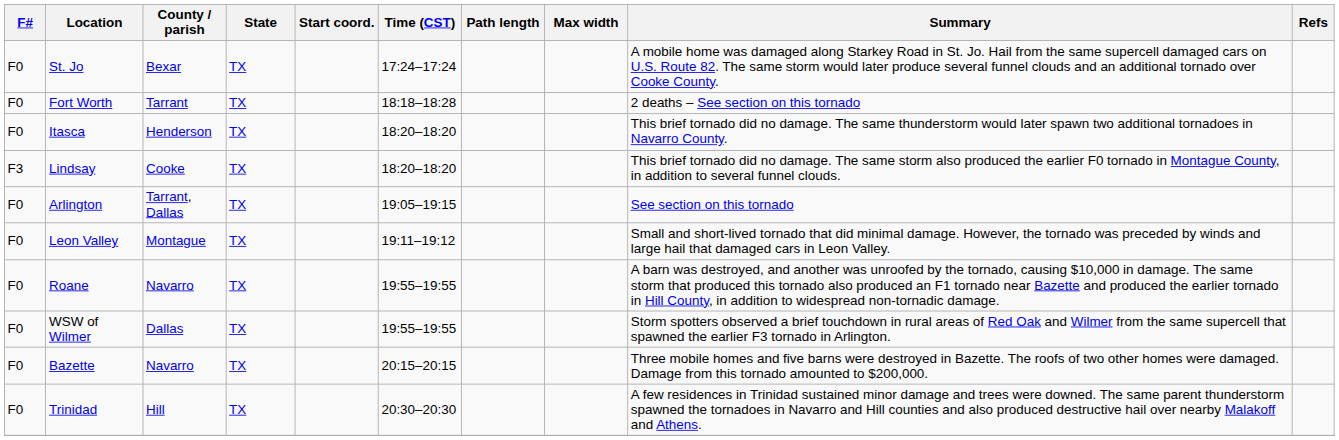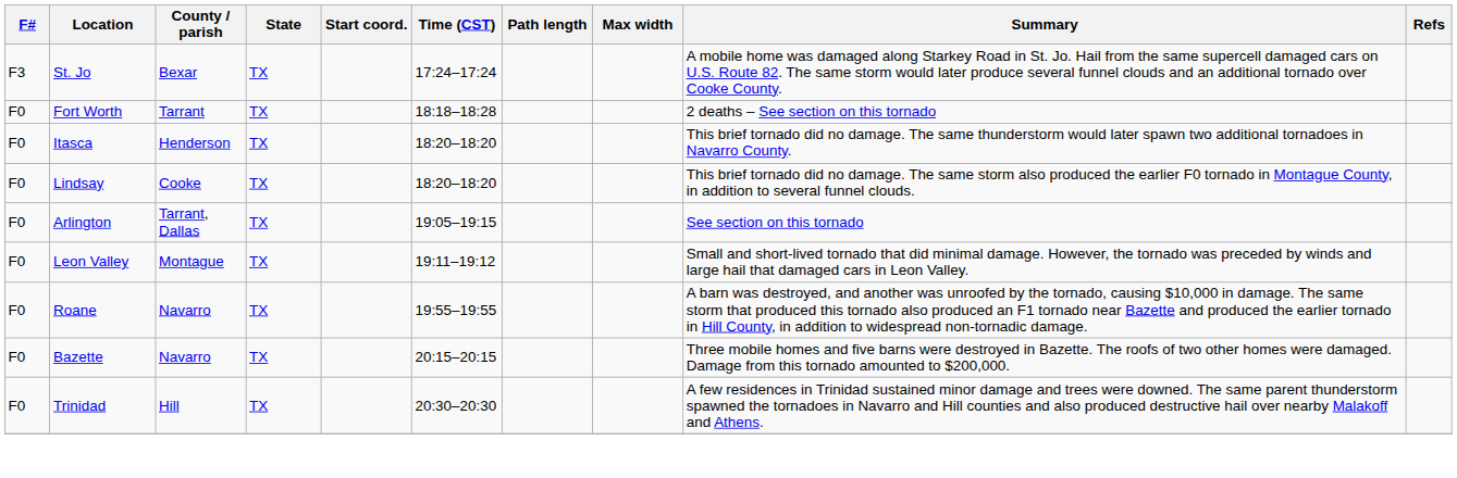 <table class="wikitable sortable" style="width:100%;">
 <tr>
 <th scope="col"  style="width:3%; text-align:center;"><a href='#'>F#</a></th>
 <th scope="col"  style="width:7%; text-align:center;" class="unsortable">Location</th>
 <th scope="col"  style="width:6%; text-align:center;" class="unsortable">County / parish</th>
 <th scope="col"  style="width:5%; text-align:center;">State</th>
 <th scope="col"  style="width:6%; text-align:center;">Start coord.</th>
 <th scope="col"  style="width:6%; text-align:center;">Time (<a href='#'>CST</a>)</th>
 <th scope="col"  style="width:6%; text-align:center;">Path length</th>
 <th scope="col"  style="width:6%; text-align:center;">Max width</th>
 <th scope="col" class="unsortable" style="width:48%; text-align:center;">Summary</th>
 <th scope="col" class="unsortable" style="width:3%; text-align:center;">Refs</th>
 </tr>
 <tr>
-<td>F0</td>
+<td>F3</td>
 <td><a href='#'>St. Jo</a></td>
 <td><a href='#'>Bexar</a></td>
 <td><a href='#'>TX</a></td>
 <td></td>
 <td>17:24–17:24</td>
 <td></td>
 <td></td>
 <td>A mobile home was damaged along Starkey Road in St. Jo. Hail from the same supercell damaged cars on <a href='#'>U.S. Route 82</a>. The same storm would later produce several funnel clouds and an additional tornado over <a href='#'>Cooke County</a>.</td>
 <td></td>
 </tr>
 <tr>
 <td>F0</td>
 <td><a href='#'>Fort Worth</a></td>
 <td><a href='#'>Tarrant</a></td>
 <td><a href='#'>TX</a></td>
 <td></td>
 <td>18:18–18:28</td>
 <td></td>
 <td></td>
 <td>2 deaths – <a href='#'>See section on this tornado</a></td>
 <td></td>
 </tr>
 <tr>
 <td>F0</td>
 <td><a href='#'>Itasca</a></td>
 <td><a href='#'>Henderson</a></td>
 <td><a href='#'>TX</a></td>
 <td></td>
 <td>18:20–18:20</td>
 <td></td>
 <td></td>
 <td>This brief tornado did no damage. The same thunderstorm would later spawn two additional tornadoes in <a href='#'>Navarro County</a>.</td>
 <td></td>
 </tr>
 <tr>
-<td>F3</td>
+<td>F0</td>
 <td><a href='#'>Lindsay</a></td>
 <td><a href='#'>Cooke</a></td>
 <td><a href='#'>TX</a></td>
 <td></td>
 <td>18:20–18:20</td>
 <td></td>
 <td></td>
 <td>This brief tornado did no damage. The same storm also produced the earlier F0 tornado in <a href='#'>Montague County</a>, in addition to several funnel clouds.</td>
 <td></td>
 </tr>
 <tr>
 <td>F0</td>
 <td><a href='#'>Arlington</a></td>
 <td><a href='#'>Tarrant</a>, <a href='#'>Dallas</a></td>
 <td><a href='#'>TX</a></td>
 <td></td>
 <td>19:05–19:15</td>
 <td></td>
 <td></td>
 <td><a href='#'>See section on this tornado</a></td>
 <td></td>
 </tr>
 <tr>
 <td>F0</td>
 <td><a href='#'>Leon Valley</a></td>
 <td><a href='#'>Montague</a></td>
 <td><a href='#'>TX</a></td>
 <td></td>
 <td>19:11–19:12</td>
 <td></td>
 <td></td>
 <td>Small and short-lived tornado that did minimal damage. However, the tornado was preceded by  winds and large hail that damaged cars in Leon Valley.</td>
 <td></td>
 </tr>
 <tr>
 <td>F0</td>
 <td><a href='#'>Roane</a></td>
 <td><a href='#'>Navarro</a></td>
 <td><a href='#'>TX</a></td>
 <td></td>
 <td>19:55–19:55</td>
 <td></td>
 <td></td>
 <td>A barn was destroyed, and another was unroofed by the tornado, causing $10,000 in damage. The same storm that produced this tornado also produced an F1 tornado near <a href='#'>Bazette</a> and produced the earlier tornado in <a href='#'>Hill County</a>, in addition to widespread non-tornadic damage.</td>
 <td></td>
 </tr>
 <tr>
 <td>F0</td>
-<td>WSW of <a href='#'>Wilmer</a></td>
-<td><a href='#'>Dallas</a></td>
-<td><a href='#'>TX</a></td>
-<td></td>
-<td>19:55–19:55</td>
-<td></td>
-<td></td>
-<td>Storm spotters observed a brief touchdown in rural areas of <a href='#'>Red Oak</a> and <a href='#'>Wilmer</a> from the same supercell that spawned the earlier F3 tornado in Arlington.</td>
-<td></td>
-</tr>
-<tr>
-<td>F0</td>
 <td><a href='#'>Bazette</a></td>
 <td><a href='#'>Navarro</a></td>
 <td><a href='#'>TX</a></td>
 <td></td>
 <td>20:15–20:15</td>
 <td></td>
 <td></td>
 <td>Three mobile homes and five barns were destroyed in Bazette. The roofs of two other homes were damaged. Damage from this tornado amounted to $200,000.</td>
 <td></td>
 </tr>
 <tr>
 <td>F0</td>
 <td><a href='#'>Trinidad</a></td>
 <td><a href='#'>Hill</a></td>
 <td><a href='#'>TX</a></td>
 <td></td>
 <td>20:30–20:30</td>
 <td></td>
 <td></td>
 <td>A few residences in Trinidad sustained minor damage and trees were downed. The same parent thunderstorm spawned the tornadoes in Navarro and Hill counties and also produced destructive hail over nearby <a href='#'>Malakoff</a> and <a href='#'>Athens</a>.</td>
 <td></td>
 </tr>
 <tr>
 </tr>
 </table>
